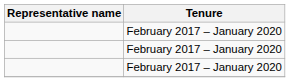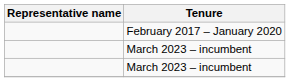 <table class="wikitable plainrowheaders sortable">
 <tr>
 <th scope="col">Representative name</th>
 <th scope="col">Tenure</th>
 </tr>
 <tr>
 <td></td>
 <td>February 2017 – January 2020</td>
 </tr>
 <tr>
 <td></td>
-<td>February 2017 – January 2020</td>
+<td>March 2023 – incumbent</td>
 </tr>
 <tr>
 <td></td>
-<td>February 2017 – January 2020</td>
+<td>March 2023 – incumbent</td>
 </tr>
 <tr>
 </tr>
 </table>
